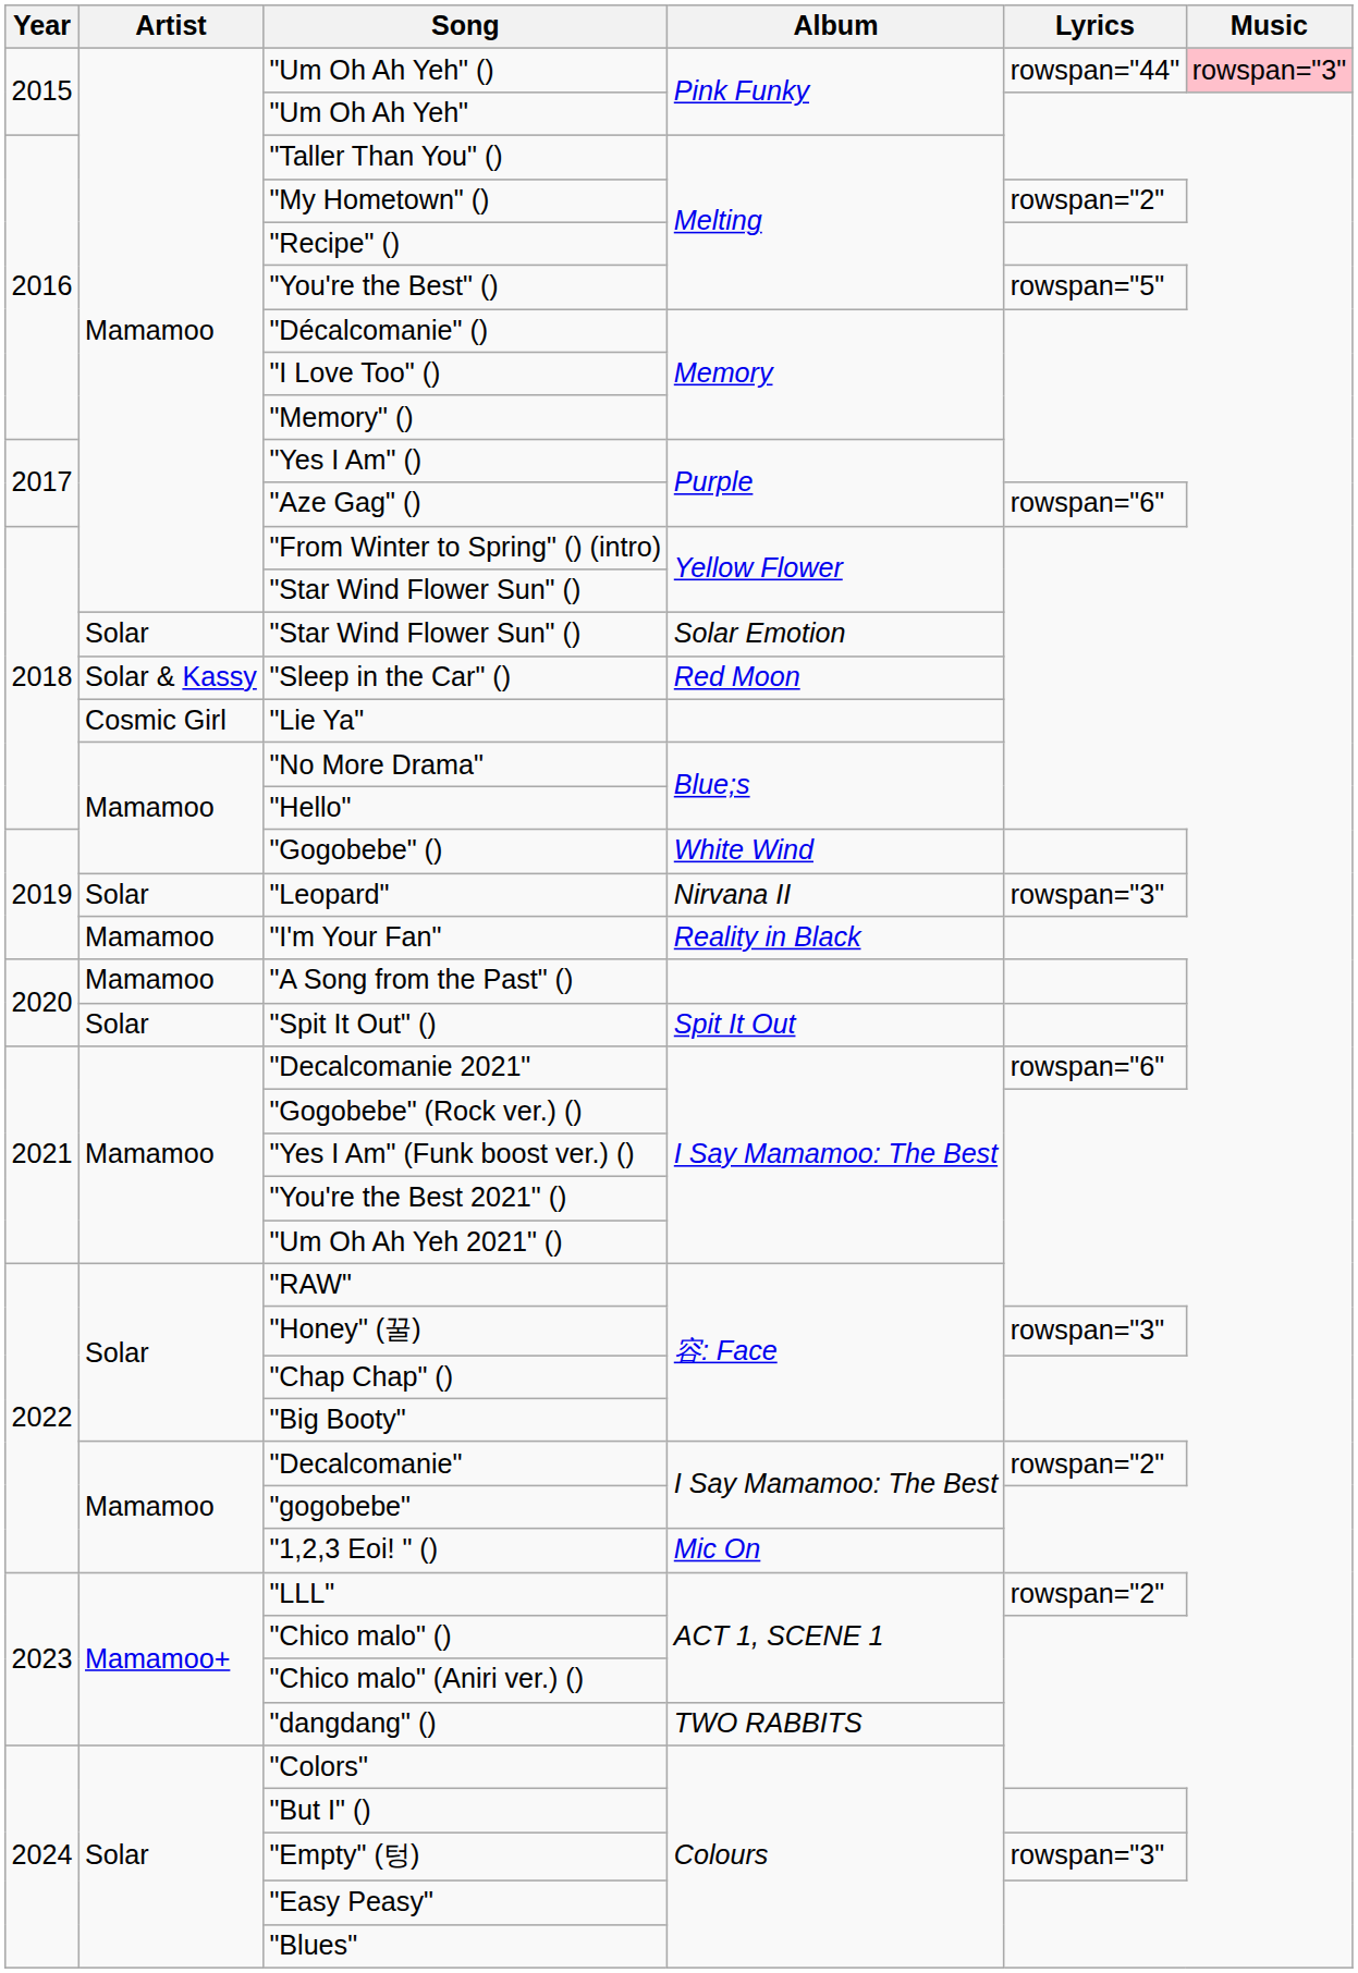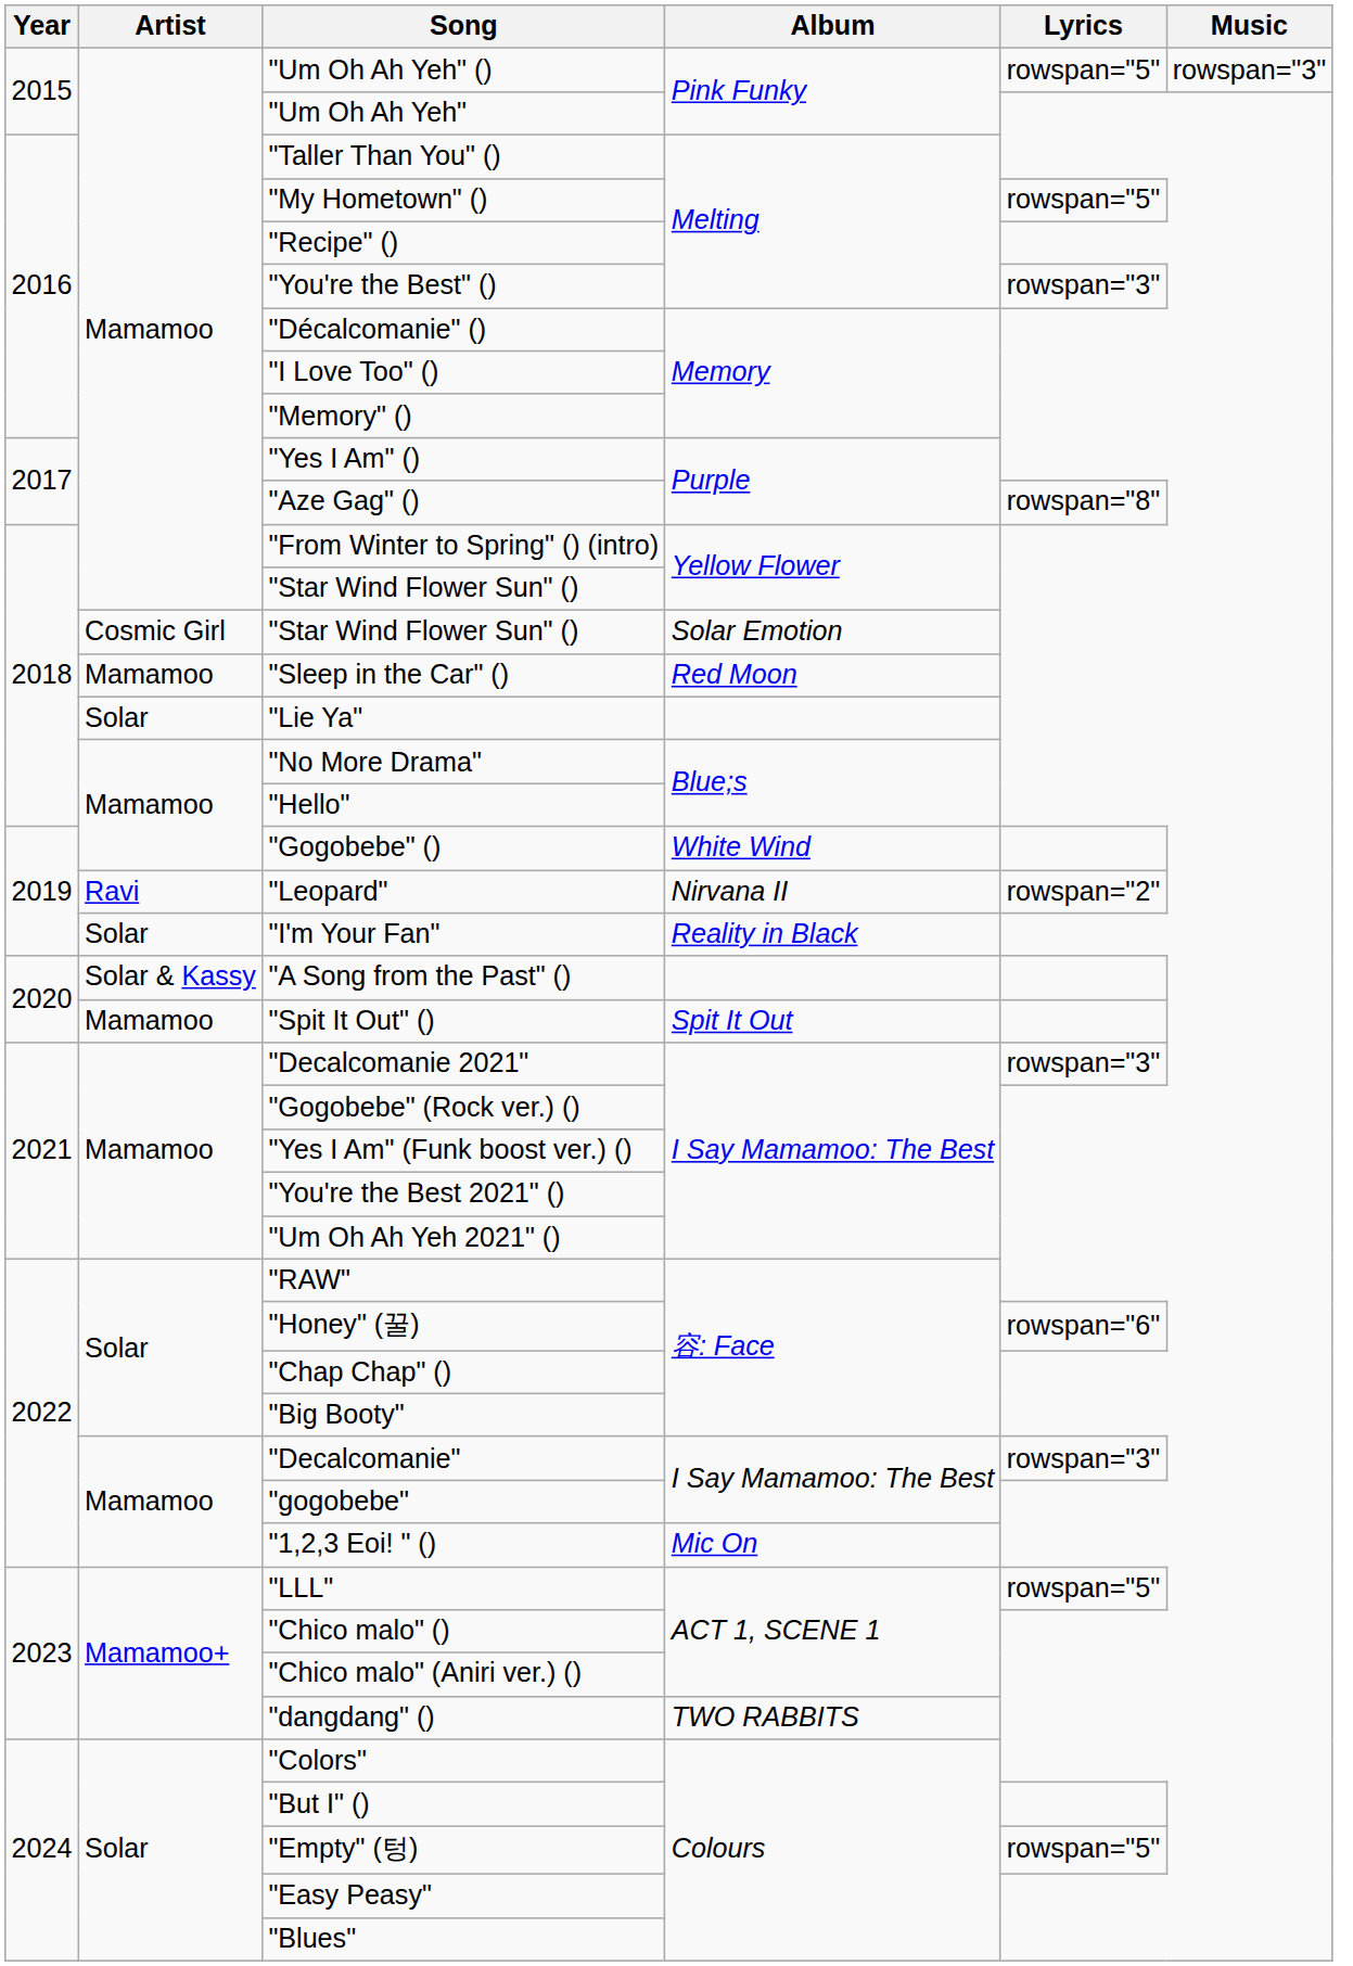 <table class="wikitable sortable">
 <tr>
 <th scope="col">Year</th>
 <th scope="col">Artist</th>
 <th>Song</th>
 <th>Album</th>
 <th>Lyrics</th>
 <th>Music</th>
 </tr>
 <tr>
 <td rowspan="2">2015</td>
 <td rowspan="13">Mamamoo</td>
 <td>"Um Oh Ah Yeh" ()</td>
 <td rowspan="2"><em><a href='#'>Pink Funky</a></em></td>
-<td>rowspan="44"</td>
-<td style="background: pink;">rowspan="3"</td>
+<td>rowspan="5"</td>
+<td>rowspan="3"</td>
 </tr>
 <tr>
 <td>"Um Oh Ah Yeh" </td>
 </tr>
 <tr>
 <td rowspan="7">2016</td>
 <td>"Taller Than You" ()</td>
 <td rowspan="4"><em><a href='#'>Melting</a></em></td>
 </tr>
 <tr>
 <td>"My Hometown" ()</td>
-<td>rowspan="2"</td>
+<td>rowspan="5"</td>
 </tr>
 <tr>
 <td>"Recipe" ()</td>
 </tr>
 <tr>
 <td>"You're the Best" ()</td>
-<td>rowspan="5"</td>
+<td>rowspan="3"</td>
 </tr>
 <tr>
 <td>"Décalcomanie" ()</td>
 <td rowspan="3"><em><a href='#'>Memory</a></em></td>
 </tr>
 <tr>
 <td>"I Love Too" ()</td>
 </tr>
 <tr>
 <td>"Memory" ()</td>
 </tr>
 <tr>
 <td rowspan="2">2017</td>
 <td>"Yes I Am" ()</td>
 <td rowspan="2"><em><a href='#'>Purple</a></em></td>
 </tr>
 <tr>
 <td>"Aze Gag" ()</td>
-<td>rowspan="6" </td>
+<td>rowspan="8"</td>
 </tr>
 <tr>
 <td rowspan="7">2018</td>
 <td>"From Winter to Spring" () (intro)</td>
 <td rowspan="2"><em><a href='#'>Yellow Flower</a></em></td>
 </tr>
 <tr>
 <td>"Star Wind Flower Sun" ()</td>
 </tr>
 <tr>
-<td>Solar</td>
+<td>Cosmic Girl </td>
 <td>"Star Wind Flower Sun" ()</td>
 <td><em>Solar Emotion</em></td>
 </tr>
 <tr>
-<td>Solar & <a href='#'>Kassy</a></td>
+<td>Mamamoo</td>
 <td>"Sleep in the Car" ()</td>
 <td><em><a href='#'>Red Moon</a></em></td>
 </tr>
 <tr>
-<td>Cosmic Girl </td>
+<td>Solar</td>
 <td>"Lie Ya"</td>
 <td></td>
 </tr>
 <tr>
 <td rowspan="3">Mamamoo</td>
 <td>"No More Drama"</td>
 <td rowspan="2"><em><a href='#'>Blue;s</a></em></td>
 </tr>
 <tr>
 <td>"Hello" </td>
 </tr>
 <tr>
 <td rowspan="3">2019</td>
 <td>"Gogobebe" ()</td>
 <td><a href='#'><em>White Wind</em></a></td>
 <td></td>
 </tr>
 <tr>
-<td>Solar</td>
+<td><a href='#'>Ravi</a> </td>
 <td>"Leopard"</td>
 <td><em>Nirvana II</em></td>
-<td>rowspan="3"</td>
+<td>rowspan="2"</td>
 </tr>
 <tr>
-<td>Mamamoo</td>
+<td>Solar</td>
 <td>"I'm Your Fan"</td>
 <td><em><a href='#'>Reality in Black</a></em></td>
 </tr>
 <tr>
 <td rowspan="2">2020</td>
-<td>Mamamoo</td>
+<td>Solar & <a href='#'>Kassy</a></td>
 <td>"A Song from the Past" ()</td>
 <td></td>
 <td></td>
 </tr>
 <tr>
-<td>Solar</td>
+<td>Mamamoo</td>
 <td>"Spit It Out" ()</td>
 <td><em><a href='#'>Spit It Out</a></em></td>
 <td></td>
 </tr>
 <tr>
 <td rowspan="5">2021</td>
 <td rowspan="5">Mamamoo</td>
 <td>"Decalcomanie 2021"</td>
 <td rowspan="5"><em><a href='#'>I Say Mamamoo: The Best</a></em></td>
-<td>rowspan="6" </td>
+<td>rowspan="3" </td>
 </tr>
 <tr>
 <td>"Gogobebe" (Rock ver.) ()</td>
 </tr>
 <tr>
 <td>"Yes I Am" (Funk boost ver.) ()</td>
 </tr>
 <tr>
 <td>"You're the Best 2021" ()</td>
 </tr>
 <tr>
 <td>"Um Oh Ah Yeh 2021" ()</td>
 </tr>
 <tr>
 <td rowspan="7">2022</td>
 <td rowspan="4">Solar</td>
 <td>"RAW"</td>
 <td rowspan="4"><em><a href='#'>容: Face</a></em></td>
 </tr>
 <tr>
 <td>"Honey" (꿀)</td>
-<td>rowspan="3" </td>
+<td>rowspan="6" </td>
 </tr>
 <tr>
 <td>"Chap Chap" ()</td>
 </tr>
 <tr>
 <td>"Big Booty"</td>
 </tr>
 <tr>
 <td rowspan="3">Mamamoo</td>
 <td>"Decalcomanie" </td>
 <td rowspan="2"><em>I Say Mamamoo: The Best </em></td>
-<td>rowspan="2"</td>
+<td>rowspan="3"</td>
 </tr>
 <tr>
 <td>"gogobebe" </td>
 </tr>
 <tr>
 <td>"1,2,3 Eoi! " ()</td>
 <td><em><a href='#'>Mic On</a></em></td>
 </tr>
 <tr>
 <td rowspan="4">2023</td>
 <td rowspan="4"><a href='#'>Mamamoo+</a></td>
 <td>"LLL"</td>
 <td rowspan="3"><em>ACT 1, SCENE 1</em></td>
-<td>rowspan="2"</td>
+<td>rowspan="5"</td>
 </tr>
 <tr>
 <td>"Chico malo" ()</td>
 </tr>
 <tr>
 <td>"Chico malo" (Aniri ver.) ()</td>
 </tr>
 <tr>
 <td>"dangdang" ()</td>
 <td><em>TWO RABBITS</em></td>
 </tr>
 <tr>
 <td rowspan="5">2024</td>
 <td rowspan="5">Solar</td>
 <td>"Colors"</td>
 <td rowspan="5"><em>Colours</em></td>
 </tr>
 <tr>
 <td>"But I" ()</td>
 <td></td>
 </tr>
 <tr>
 <td>"Empty" (텅)</td>
-<td>rowspan="3"</td>
+<td>rowspan="5"</td>
 </tr>
 <tr>
 <td>"Easy Peasy"</td>
 </tr>
 <tr>
 <td>"Blues"</td>
 </tr>
 </table>
